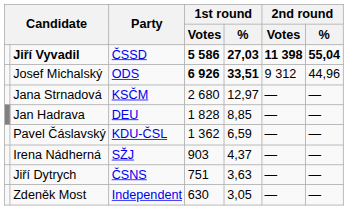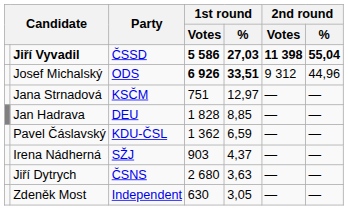 <table class="wikitable sortable">
 <tr>
 <th colspan="2" rowspan="2">Candidate</th>
 <th rowspan="2">Party</th>
 <th colspan="2">1st round</th>
 <th colspan="2">2nd round</th>
 </tr>
 <tr>
 <th>Votes</th>
 <th>%</th>
 <th>Votes</th>
 <th>%</th>
 </tr>
 <tr>
 <td style="background-color:"></td>
 <td><strong>Jiří Vyvadil</strong></td>
 <td><a href='#'>ČSSD</a></td>
 <td><strong>5 586</strong></td>
 <td><strong>27,03</strong></td>
 <td><strong>11 398</strong></td>
 <td><strong>55,04</strong></td>
 </tr>
 <tr>
 <td style="background-color:"></td>
 <td>Josef Michalský</td>
 <td><a href='#'>ODS</a></td>
 <td><strong>6 926</strong></td>
 <td><strong>33,51</strong></td>
 <td>9 312</td>
 <td>44,96</td>
 </tr>
 <tr>
 <td style="background-color:"></td>
 <td>Jana Strnadová</td>
 <td><a href='#'>KSČM</a></td>
-<td>2 680</td>
+<td>751</td>
 <td>12,97</td>
 <td>—</td>
 <td>—</td>
 </tr>
 <tr>
 <td style="background-color:gray"></td>
 <td>Jan Hadrava</td>
 <td><a href='#'>DEU</a></td>
 <td>1 828</td>
 <td>8,85</td>
 <td>—</td>
 <td>—</td>
 </tr>
 <tr>
 <td style="background-color:"></td>
 <td>Pavel Čáslavský</td>
 <td><a href='#'>KDU-ČSL</a></td>
 <td>1 362</td>
 <td>6,59</td>
 <td>—</td>
 <td>—</td>
 </tr>
 <tr>
 <td style="background-color:"></td>
 <td>Irena Nádherná</td>
 <td><a href='#'>SŽJ</a></td>
 <td>903</td>
 <td>4,37</td>
 <td>—</td>
 <td>—</td>
 </tr>
 <tr>
 <td style="background-color:"></td>
 <td>Jiří Dytrych</td>
 <td><a href='#'>ČSNS</a></td>
-<td>751</td>
+<td>2 680</td>
 <td>3,63</td>
 <td>—</td>
 <td>—</td>
 </tr>
 <tr>
 <td style="background-color:"></td>
 <td>Zdeněk Most</td>
 <td><a href='#'>Independent</a></td>
 <td>630</td>
 <td>3,05</td>
 <td>—</td>
 <td>—</td>
 </tr>
 </table>
